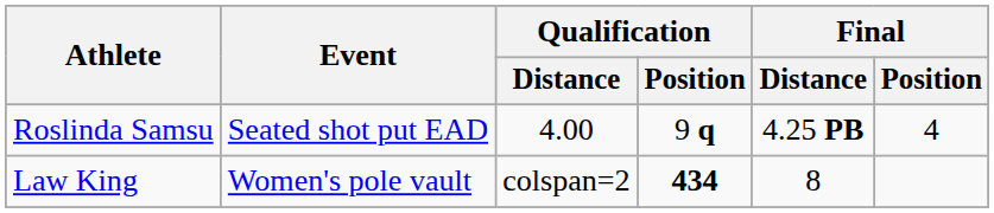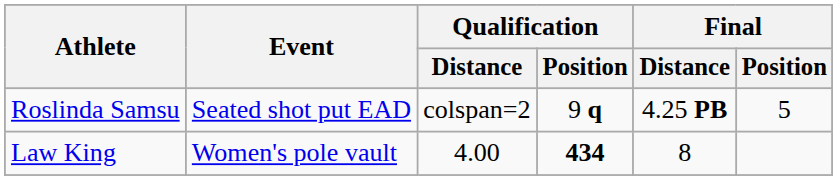 <table class=wikitable style="font-size:90%">
 <tr>
 <th rowspan="2">Athlete</th>
 <th rowspan="2">Event</th>
 <th colspan="2">Qualification</th>
 <th colspan="2">Final</th>
 </tr>
 <tr style="font-size:95%">
 <th>Distance</th>
 <th>Position</th>
 <th>Distance</th>
 <th>Position</th>
 </tr>
 <tr align=center>
 <td align=left><a href='#'>Roslinda Samsu</a></td>
 <td align=left><a href='#'>Seated shot put EAD</a></td>
-<td>4.00</td>
+<td>colspan=2 </td>
 <td>9 <strong>q</strong></td>
 <td>4.25 <strong>PB</strong></td>
-<td>4</td>
+<td>5</td>
 </tr>
 <tr align=center>
 <td align=left><a href='#'>Law King</a></td>
 <td align=left><a href='#'>Women's pole vault</a></td>
-<td>colspan=2 </td>
+<td>4.00</td>
 <td><strong>434</strong></td>
 <td>8</td>
 </tr>
 </table>
